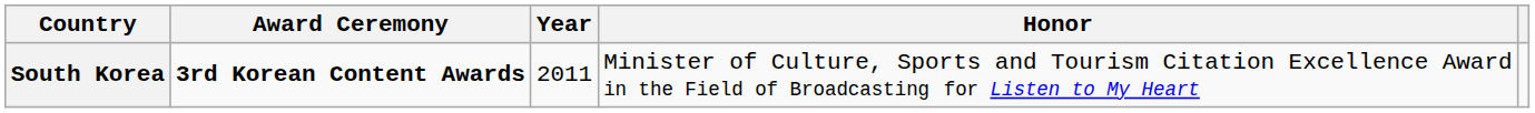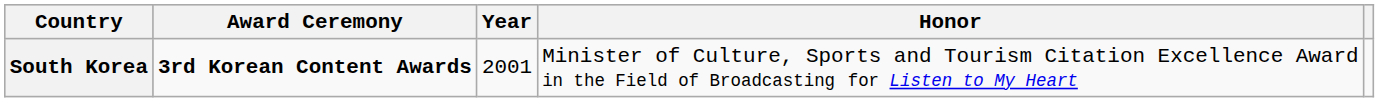 <table class="wikitable plainrowheaders sortable" style="margin-right: 0;">
 <tr>
 <th scope="col">Country</th>
 <th scope="col">Award Ceremony</th>
 <th scope="col">Year</th>
 <th scope="col">Honor</th>
 <th scope="col" class="unsortable"></th>
 </tr>
 <tr>
 <th scope="row">South Korea</th>
 <td><strong>3rd Korean Content Awards</strong></td>
-<td style="text-align:center">2011</td>
+<td style="text-align:center">2001</td>
 <td>Minister of Culture, Sports and Tourism Citation Excellence Award<br><small>in the Field of Broadcasting</small> <small>for <em><a href='#'>Listen to My Heart</a></em></small></td>
 <td></td>
 </tr>
 </table>
